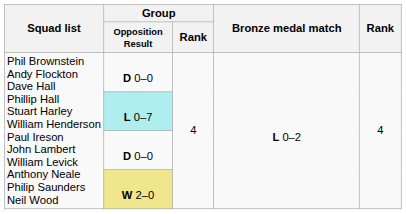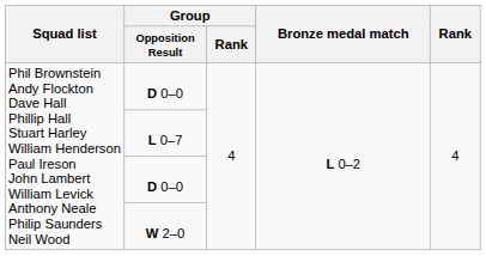 <table class="wikitable" style="text-align:left; font-size:100%">
 <tr>
 <th rowspan="2" width="25%">Squad list</th>
 <th colspan="2">Group</th>
 <th rowspan="2">Bronze medal match</th>
 <th rowspan="2">Rank</th>
 </tr>
 <tr>
 <th><small>Opposition<br>Result</small></th>
 <th>Rank</th>
 </tr>
 <tr>
 <td rowspan="4">Phil Brownstein <br> Andy Flockton <br> Dave Hall <br> Phillip Hall <br> Stuart Harley <br> William Henderson <br> Paul Ireson <br> John Lambert <br> William Levick <br> Anthony Neale <br> Philip Saunders <br> Neil Wood</td>
 <td align=center><br><strong>D</strong> 0–0<br></td>
 <td rowspan="4" align=center>4</td>
 <td rowspan="4" align=center><br><strong>L</strong> 0–2<br></td>
 <td rowspan="4" align=center>4</td>
 </tr>
 <tr>
-<td align=center style="background: paleturquoise;"><br><strong>L</strong> 0–7</td>
+<td align=center><br><strong>L</strong> 0–7</td>
 </tr>
 <tr>
 <td align=center><br><strong>D</strong> 0–0</td>
 </tr>
 <tr>
-<td align=center style="background: khaki;"><br><strong>W</strong> 2–0</td>
+<td align=center><br><strong>W</strong> 2–0</td>
 </tr>
 </table>
